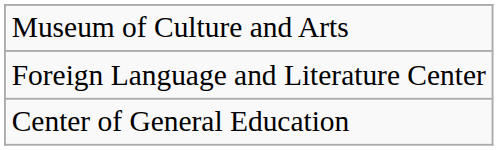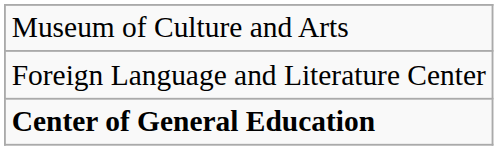 <table class="wikitable">
 <tr>
 <td>Museum of Culture and Arts</td>
 </tr>
 <tr>
 <td>Foreign Language and Literature Center</td>
 </tr>
 <tr>
-<td>Center of General Education</td>
+<td><strong>Center of General Education</strong></td>
 </tr>
 </table>
